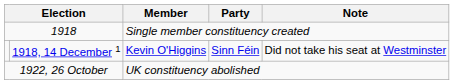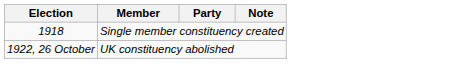 <table class="wikitable">
 <tr>
 <th colspan="2">Election</th>
 <th>Member</th>
 <th>Party</th>
 <th>Note</th>
 </tr>
 <tr>
 <td colspan="2" align="center"><em>1918</em></td>
 <td colspan="3"><em>Single member constituency created</em></td>
 </tr>
 <tr>
-<td style="color:inherit;background-color: "></td>
-<td><a href='#'>1918, 14 December</a> <sup>1</sup></td>
-<td><a href='#'>Kevin O'Higgins</a></td>
-<td><a href='#'>Sinn Féin</a></td>
-<td>Did not take his seat at <a href='#'>Westminster</a></td>
-</tr>
-<tr>
 <td colspan="2" align="center"><em>1922, 26 October</em></td>
 <td colspan="3"><em>UK constituency abolished</em></td>
 </tr>
 </table>
